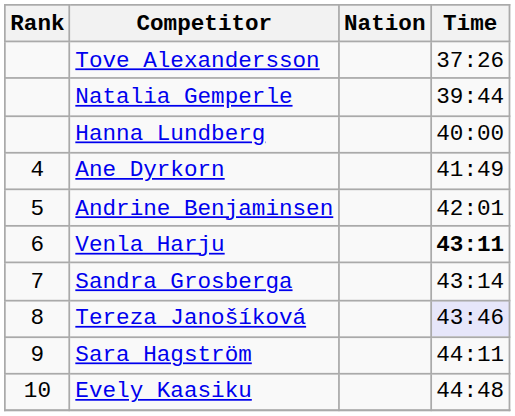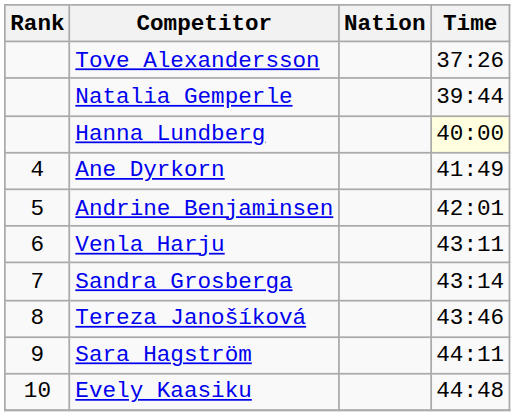 <table class="wikitable sortable" style="text-align:left">
 <tr>
 <th data-sort-type="number">Rank</th>
 <th class="unsortable">Competitor</th>
 <th>Nation</th>
 <th>Time</th>
 </tr>
 <tr>
 <td style="text-align:center"></td>
 <td><a href='#'>Tove Alexandersson</a></td>
 <td></td>
 <td style="text-align:right">37:26</td>
 </tr>
 <tr>
 <td style="text-align:center"></td>
 <td><a href='#'>Natalia Gemperle</a></td>
 <td></td>
 <td style="text-align:right">39:44</td>
 </tr>
 <tr>
 <td style="text-align:center"></td>
 <td><a href='#'>Hanna Lundberg</a></td>
 <td></td>
-<td style="text-align:right">40:00</td>
+<td style="background: lightyellow; text-align:right">40:00</td>
 </tr>
 <tr>
 <td style="text-align:center">4</td>
 <td><a href='#'>Ane Dyrkorn</a></td>
 <td></td>
 <td style="text-align:right">41:49</td>
 </tr>
 <tr>
 <td style="text-align:center">5</td>
 <td><a href='#'>Andrine Benjaminsen</a></td>
 <td></td>
 <td style="text-align:right">42:01</td>
 </tr>
 <tr>
 <td style="text-align:center">6</td>
 <td><a href='#'>Venla Harju</a></td>
 <td></td>
-<td style="text-align:right"><strong>43:11</strong></td>
+<td style="text-align:right">43:11</td>
 </tr>
 <tr>
 <td style="text-align:center">7</td>
 <td><a href='#'>Sandra Grosberga</a></td>
 <td></td>
 <td style="text-align:right">43:14</td>
 </tr>
 <tr>
 <td style="text-align:center">8</td>
 <td><a href='#'>Tereza Janošíková</a></td>
 <td></td>
-<td style="background: lavender; text-align:right">43:46</td>
+<td style="text-align:right">43:46</td>
 </tr>
 <tr>
 <td style="text-align:center">9</td>
 <td><a href='#'>Sara Hagström</a></td>
 <td></td>
 <td style="text-align:right">44:11</td>
 </tr>
 <tr>
 <td style="text-align:center">10</td>
 <td><a href='#'>Evely Kaasiku</a></td>
 <td></td>
 <td style="text-align:right">44:48</td>
 </tr>
 <tr>
 </tr>
 </table>
